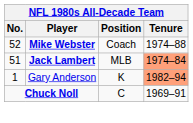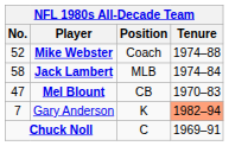 <table class="wikitable" style="text-align:center">
 <tr>
 <th colspan="4"><a href='#'><span>NFL 1980s All-Decade Team</span></a></th>
 </tr>
 <tr>
 <th>No.</th>
 <th>Player</th>
 <th>Position</th>
 <th>Tenure</th>
 </tr>
 <tr>
 <td>52</td>
 <td><strong><a href='#'>Mike Webster</a></strong></td>
 <td>Coach</td>
 <td>1974–88</td>
 </tr>
 <tr>
-<td>51</td>
+<td>58</td>
 <td><strong><a href='#'>Jack Lambert</a></strong></td>
 <td>MLB</td>
-<td style="background: lightsalmon;">1974–84</td>
+<td>1974–84</td>
 </tr>
 <tr>
-<td>1</td>
+<td>47</td>
+<td><strong><a href='#'>Mel Blount</a></strong></td>
+<td>CB</td>
+<td>1970–83</td>
+</tr>
+<tr>
+<td>7</td>
 <td><a href='#'>Gary Anderson</a></td>
 <td>K</td>
 <td style="background: lightsalmon;">1982–94</td>
 </tr>
 <tr>
 <td colspan="2"><strong><a href='#'>Chuck Noll</a></strong></td>
 <td>C</td>
 <td>1969–91</td>
 </tr>
 </table>
